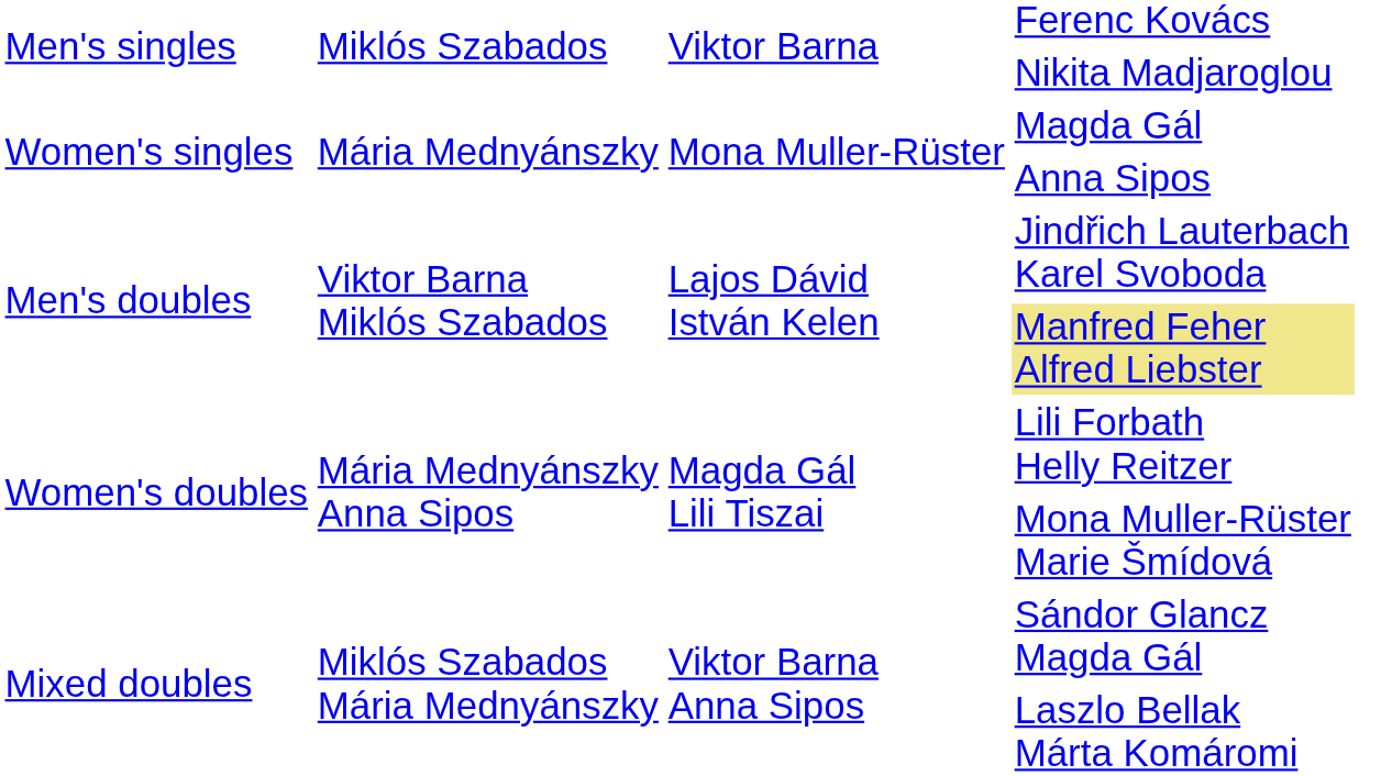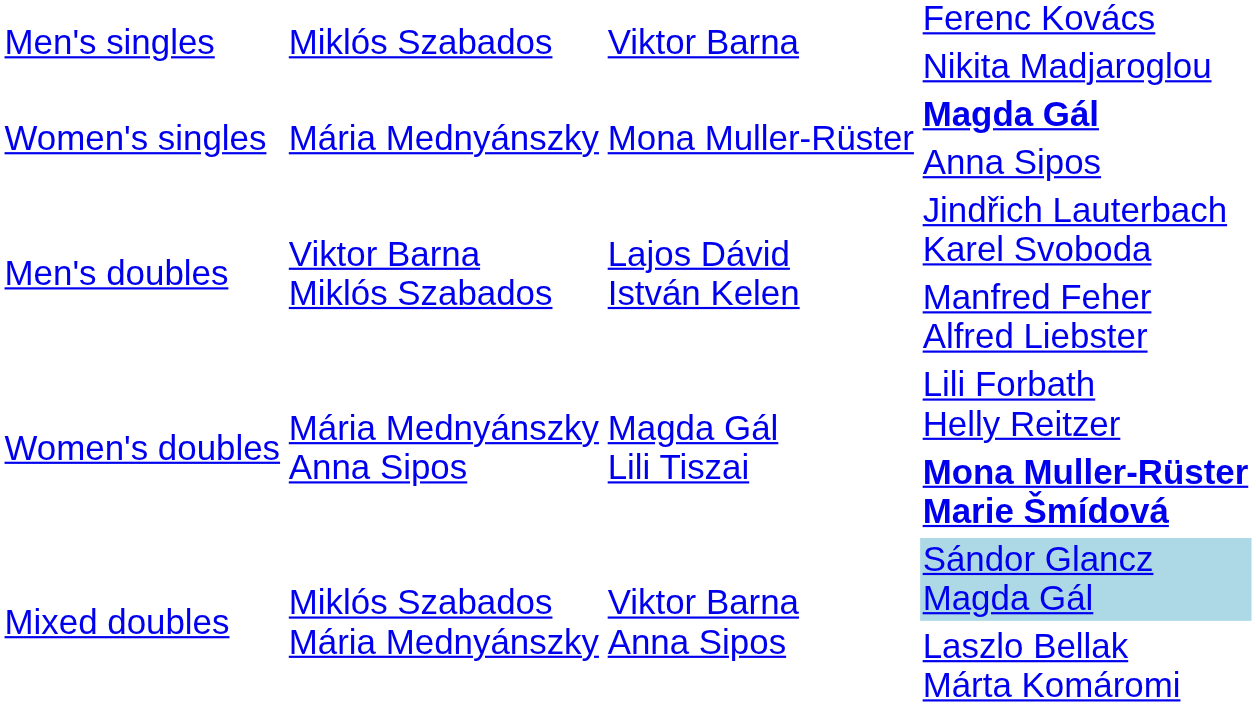 <table>
 <tr>
 <td rowspan=2><a href='#'>Men's singles</a></td>
 <td rowspan=2> <a href='#'>Miklós Szabados</a></td>
 <td rowspan=2> <a href='#'>Viktor Barna</a></td>
 <td> <a href='#'>Ferenc Kovács</a></td>
 </tr>
 <tr>
 <td> <a href='#'>Nikita Madjaroglou</a></td>
 </tr>
 <tr>
 <td rowspan=2><a href='#'>Women's singles</a></td>
 <td rowspan=2> <a href='#'>Mária Mednyánszky</a></td>
 <td rowspan=2> <a href='#'>Mona Muller-Rüster</a></td>
-<td> <a href='#'>Magda Gál</a></td>
+<td><strong> <a href='#'>Magda Gál</a></strong></td>
 </tr>
 <tr>
 <td> <a href='#'>Anna Sipos</a></td>
 </tr>
 <tr>
 <td rowspan=2><a href='#'>Men's doubles</a></td>
 <td rowspan=2> <a href='#'>Viktor Barna</a><br> <a href='#'>Miklós Szabados</a></td>
 <td rowspan=2> <a href='#'>Lajos Dávid</a><br> <a href='#'>István Kelen</a></td>
 <td> <a href='#'>Jindřich Lauterbach</a><br> <a href='#'>Karel Svoboda</a></td>
 </tr>
 <tr>
-<td style="background: khaki;"> <a href='#'>Manfred Feher</a><br> <a href='#'>Alfred Liebster</a></td>
+<td> <a href='#'>Manfred Feher</a><br> <a href='#'>Alfred Liebster</a></td>
 </tr>
 <tr>
 <td rowspan=2><a href='#'>Women's doubles</a></td>
 <td rowspan=2> <a href='#'>Mária Mednyánszky</a><br> <a href='#'>Anna Sipos</a></td>
 <td rowspan=2> <a href='#'>Magda Gál</a><br> <a href='#'>Lili Tiszai</a></td>
 <td> <a href='#'>Lili Forbath</a><br> <a href='#'>Helly Reitzer</a></td>
 </tr>
 <tr>
-<td> <a href='#'>Mona Muller-Rüster</a><br> <a href='#'>Marie Šmídová</a></td>
+<td><strong> <a href='#'>Mona Muller-Rüster</a><br> <a href='#'>Marie Šmídová</a></strong></td>
 </tr>
 <tr>
 <td rowspan=2><a href='#'>Mixed doubles</a></td>
 <td rowspan=2> <a href='#'>Miklós Szabados</a><br> <a href='#'>Mária Mednyánszky</a></td>
 <td rowspan=2> <a href='#'>Viktor Barna</a><br> <a href='#'>Anna Sipos</a></td>
-<td> <a href='#'>Sándor Glancz</a><br> <a href='#'>Magda Gál</a></td>
+<td style="background: lightblue;"> <a href='#'>Sándor Glancz</a><br> <a href='#'>Magda Gál</a></td>
 </tr>
 <tr>
 <td> <a href='#'>Laszlo Bellak</a><br> <a href='#'>Márta Komáromi</a></td>
 </tr>
 </table>
